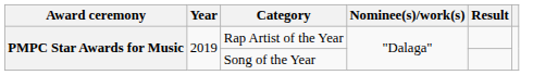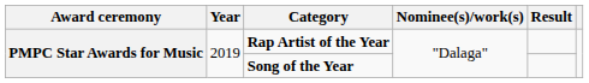 <table class="wikitable sortable">
 <tr>
 <th>Award ceremony</th>
 <th>Year</th>
 <th>Category</th>
 <th>Nominee(s)/work(s)</th>
 <th>Result</th>
 <th></th>
 </tr>
 <tr>
 <th rowspan="2">PMPC Star Awards for Music</th>
 <td rowspan="2">2019</td>
-<td>Rap Artist of the Year</td>
+<td><strong>Rap Artist of the Year</strong></td>
 <td style="text-align:center;" rowspan="2">"Dalaga"</td>
 <td></td>
 <td rowspan="2"></td>
 </tr>
 <tr>
-<td>Song of the Year</td>
+<td><strong>Song of the Year</strong></td>
 <td></td>
 </tr>
 </table>
